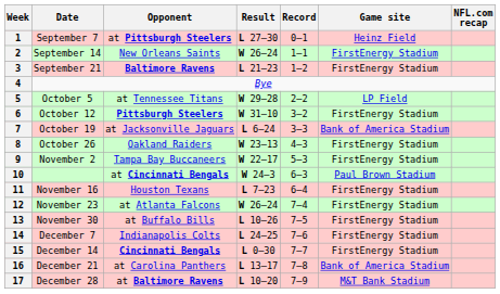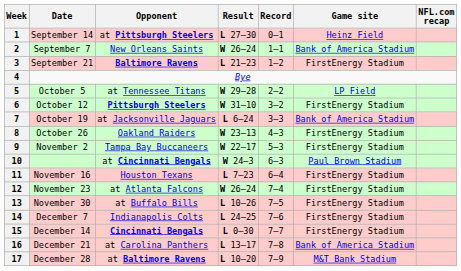 <table class="wikitable" style="text-align:center">
 <tr>
 <th>Week</th>
 <th>Date</th>
 <th>Opponent</th>
 <th>Result</th>
 <th>Record</th>
 <th>Game site</th>
 <th>NFL.com<br>recap</th>
 </tr>
 <tr style="background:#fcc; text-align:center;">
 <th>1</th>
-<td>September 7</td>
+<td>September 14</td>
 <td>at <strong><a href='#'>Pittsburgh Steelers</a></strong></td>
 <td><strong>L</strong> 27–30</td>
 <td>0–1</td>
 <td><a href='#'>Heinz Field</a></td>
 <td></td>
 </tr>
 <tr style="background:#cfc; text-align:center;">
 <th>2</th>
-<td>September 14</td>
+<td>September 7</td>
 <td><a href='#'>New Orleans Saints</a></td>
 <td><strong>W</strong> 26–24</td>
 <td>1–1</td>
-<td><a href='#'>FirstEnergy Stadium</a></td>
+<td><a href='#'>Bank of America Stadium</a></td>
 <td></td>
 </tr>
 <tr style="background:#fcc; text-align:center;">
 <th>3</th>
 <td>September 21</td>
 <td><strong><a href='#'>Baltimore Ravens</a></strong></td>
 <td><strong>L</strong> 21–23</td>
 <td>1–2</td>
 <td>FirstEnergy Stadium</td>
 <td></td>
 </tr>
 <tr>
 <th>4</th>
 <td colspan="6" style="text-align:center;"><em><a href='#'>Bye</a></em></td>
 </tr>
 <tr style="background:#cfc; text-align:center;">
 <th>5</th>
 <td>October 5</td>
 <td>at <a href='#'>Tennessee Titans</a></td>
 <td><strong>W</strong> 29–28</td>
 <td>2–2</td>
 <td><a href='#'>LP Field</a></td>
 <td></td>
 </tr>
 <tr style="background:#cfc; text-align:center;">
 <th>6</th>
 <td>October 12</td>
 <td><strong><a href='#'>Pittsburgh Steelers</a></strong></td>
 <td><strong>W</strong> 31–10</td>
 <td>3–2</td>
 <td>FirstEnergy Stadium</td>
 <td></td>
 </tr>
 <tr style="background:#fcc; text-align:center;">
 <th>7</th>
 <td>October 19</td>
 <td>at <a href='#'>Jacksonville Jaguars</a></td>
 <td><strong>L</strong> 6–24</td>
 <td>3–3</td>
 <td><a href='#'>Bank of America Stadium</a></td>
 <td></td>
 </tr>
 <tr style="background:#cfc; text-align:center;">
 <th>8</th>
 <td>October 26</td>
 <td><a href='#'>Oakland Raiders</a></td>
 <td><strong>W</strong> 23–13</td>
 <td>4–3</td>
 <td>FirstEnergy Stadium</td>
 <td></td>
 </tr>
 <tr style="background:#cfc; text-align:center;">
 <th>9</th>
 <td>November 2</td>
 <td><a href='#'>Tampa Bay Buccaneers</a></td>
 <td><strong>W</strong> 22–17</td>
 <td>5–3</td>
 <td>FirstEnergy Stadium</td>
 <td></td>
 </tr>
 <tr style="background:#cfc; text-align:center;">
 <th>10</th>
 <td></td>
 <td>at <strong><a href='#'>Cincinnati Bengals</a></strong></td>
 <td><strong>W</strong> 24–3</td>
 <td>6–3</td>
 <td><a href='#'>Paul Brown Stadium</a></td>
 <td></td>
 </tr>
 <tr style="background:#fcc; text-align:center;">
 <th>11</th>
 <td>November 16</td>
 <td><a href='#'>Houston Texans</a></td>
 <td><strong>L</strong> 7–23</td>
 <td>6–4</td>
 <td>FirstEnergy Stadium</td>
 <td></td>
 </tr>
 <tr style="background:#cfc; text-align:center;">
 <th>12</th>
 <td>November 23</td>
 <td>at <a href='#'>Atlanta Falcons</a></td>
 <td><strong>W</strong> 26–24</td>
 <td>7–4</td>
 <td>FirstEnergy Stadium</td>
 <td></td>
 </tr>
 <tr style="background:#fcc; text-align:center;">
 <th>13</th>
 <td>November 30</td>
 <td>at <a href='#'>Buffalo Bills</a></td>
 <td><strong>L</strong> 10–26</td>
 <td>7–5</td>
 <td>FirstEnergy Stadium</td>
 <td></td>
 </tr>
 <tr style="background:#fcc; text-align:center;">
 <th>14</th>
 <td>December 7</td>
 <td><a href='#'>Indianapolis Colts</a></td>
 <td><strong>L</strong> 24–25</td>
 <td>7–6</td>
 <td>FirstEnergy Stadium</td>
 <td></td>
 </tr>
 <tr style="background:#fcc; text-align:center;">
 <th>15</th>
 <td>December 14</td>
 <td><strong><a href='#'>Cincinnati Bengals</a></strong></td>
 <td><strong>L</strong> 0–30</td>
 <td>7–7</td>
 <td>FirstEnergy Stadium</td>
 <td></td>
 </tr>
 <tr style="background:#fcc; text-align:center;">
 <th>16</th>
 <td>December 21</td>
 <td>at <a href='#'>Carolina Panthers</a></td>
 <td><strong>L</strong> 13–17</td>
 <td>7–8</td>
 <td><a href='#'>Bank of America Stadium</a></td>
 <td></td>
 </tr>
 <tr style="background:#fcc; text-align:center;">
 <th>17</th>
 <td>December 28</td>
 <td>at <strong><a href='#'>Baltimore Ravens</a></strong></td>
 <td><strong>L</strong> 10–20</td>
 <td>7–9</td>
 <td><a href='#'>M&T Bank Stadium</a></td>
 <td></td>
 </tr>
 </table>
